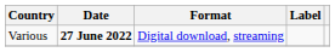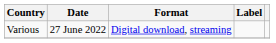 <table class="wikitable">
 <tr>
 <th>Country</th>
 <th>Date</th>
 <th>Format</th>
 <th>Label</th>
 <th></th>
 </tr>
 <tr>
 <td rowspan="1">Various</td>
-<td><strong>27 June 2022</strong></td>
+<td>27 June 2022</td>
 <td rowspan="1"><a href='#'>Digital download</a>, <a href='#'>streaming</a></td>
 <td rowspan="1"></td>
 <td></td>
 </tr>
 <tr>
 </tr>
 </table>
